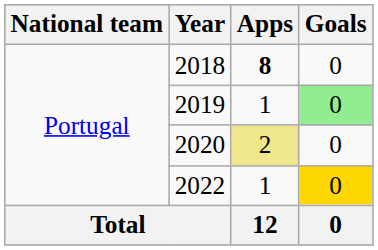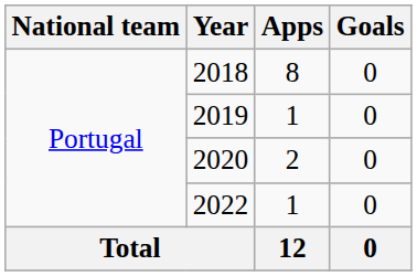 <table class="wikitable" style="text-align:center">
 <tr>
 <th>National team</th>
 <th>Year</th>
 <th>Apps</th>
 <th>Goals</th>
 </tr>
 <tr>
 <td rowspan=4><a href='#'>Portugal</a></td>
 <td>2018</td>
-<td><strong>8</strong></td>
+<td>8</td>
 <td>0</td>
 </tr>
 <tr>
 <td>2019</td>
 <td>1</td>
-<td style="background: lightgreen;">0</td>
+<td>0</td>
 </tr>
 <tr>
 <td>2020</td>
-<td style="background: khaki;">2</td>
+<td>2</td>
 <td>0</td>
 </tr>
 <tr>
 <td>2022</td>
 <td>1</td>
-<td style="background: gold;">0</td>
+<td>0</td>
 </tr>
 <tr>
 <th colspan=2>Total</th>
 <th>12</th>
 <th>0</th>
 </tr>
 </table>
